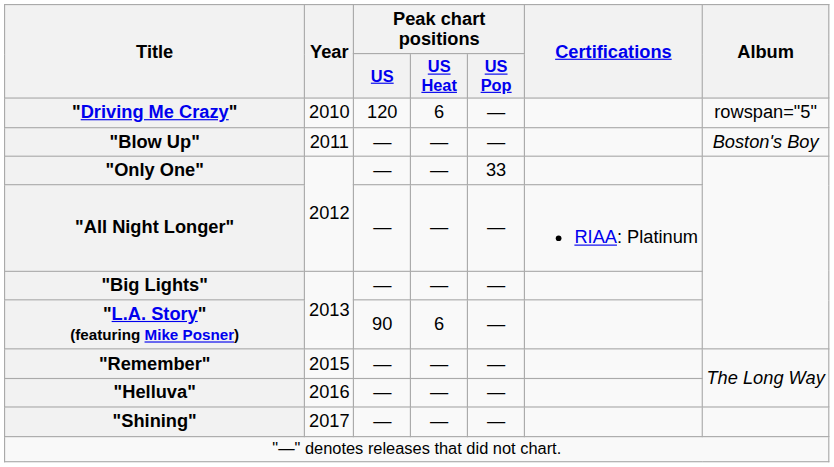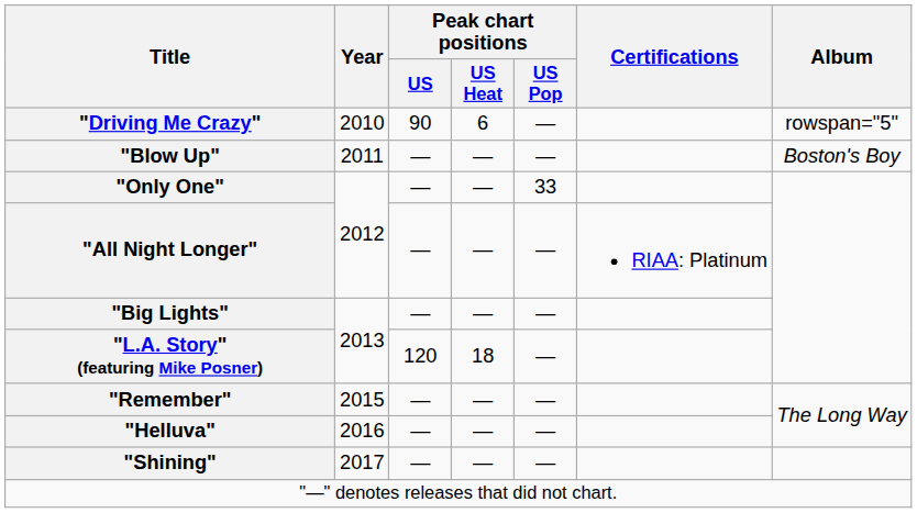 <table class="wikitable plainrowheaders" style="text-align:center;">
 <tr>
 <th scope="col" rowspan="2" style="width:16em;">Title</th>
 <th scope="col" rowspan="2">Year</th>
 <th scope="col" colspan="3">Peak chart positions</th>
 <th scope="col" rowspan="2"><a href='#'>Certifications</a></th>
 <th scope="col" rowspan="2">Album</th>
 </tr>
 <tr>
 <th scope="col" style="width:3em;font-size:90%;"><a href='#'>US</a><br></th>
 <th scope="col" style="width:3em;font-size:90%;"><a href='#'>US Heat</a><br></th>
 <th scope="col" style="width:3em;font-size:90%;"><a href='#'>US Pop</a></th>
 </tr>
 <tr>
 <th scope="row">"<a href='#'>Driving Me Crazy</a>"</th>
 <td>2010</td>
-<td>120</td>
+<td>90</td>
 <td>6</td>
 <td>—</td>
 <td></td>
 <td>rowspan="5" </td>
 </tr>
 <tr>
 <th scope="row">"Blow Up"</th>
 <td>2011</td>
 <td>—</td>
 <td>—</td>
 <td>—</td>
 <td></td>
 <td><em>Boston's Boy</em></td>
 </tr>
 <tr>
 <th scope="row">"Only One"</th>
 <td scope="col" rowspan="2">2012</td>
 <td>—</td>
 <td>—</td>
 <td>33</td>
 <td></td>
 </tr>
 <tr>
 <th scope="row">"All Night Longer"</th>
 <td>—</td>
 <td>—</td>
 <td>—</td>
 <td><br><ul><li><a href='#'>RIAA</a>: Platinum</li></ul></td>
 </tr>
 <tr>
 <th scope="row">"Big Lights"</th>
 <td scope="col" rowspan="2">2013</td>
 <td>—</td>
 <td>—</td>
 <td>—</td>
 <td></td>
 </tr>
 <tr>
 <th scope="row">"<a href='#'>L.A. Story</a>"<br><small>(featuring <a href='#'>Mike Posner</a>)</small></th>
-<td>90</td>
-<td>6</td>
+<td>120</td>
+<td>18</td>
 <td>—</td>
 <td></td>
 </tr>
 <tr>
 <th scope="row">"Remember"</th>
 <td>2015</td>
 <td>—</td>
 <td>—</td>
 <td>—</td>
 <td></td>
 <td rowspan="2"><em>The Long Way</em></td>
 </tr>
 <tr>
 <th scope="row">"Helluva"</th>
 <td>2016</td>
 <td>—</td>
 <td>—</td>
 <td>—</td>
 <td></td>
 </tr>
 <tr>
 <th scope="row">"Shining"</th>
 <td>2017</td>
 <td>—</td>
 <td>—</td>
 <td>—</td>
 <td></td>
 <td></td>
 </tr>
 <tr>
 <td colspan="14" style="font-size:90%">"—" denotes releases that did not chart.</td>
 </tr>
 </table>
